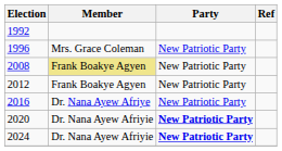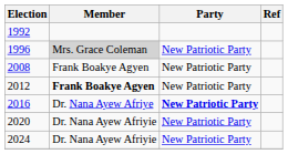 <table class="wikitable">
 <tr>
 <th>Election</th>
 <th>Member</th>
 <th>Party</th>
 <th>Ref</th>
 </tr>
 <tr>
 <td><a href='#'>1992</a></td>
 <td></td>
 <td></td>
 <td></td>
 </tr>
 <tr>
 <td><a href='#'>1996</a></td>
-<td>Mrs. Grace Coleman</td>
+<td style="background: lightgrey;">Mrs. Grace Coleman</td>
 <td><a href='#'>New Patriotic Party</a></td>
 <td></td>
 </tr>
 <tr>
 <td><a href='#'>2008</a></td>
-<td style="background: khaki;">Frank Boakye Agyen</td>
+<td>Frank Boakye Agyen</td>
 <td>New Patriotic Party</td>
 <td></td>
 </tr>
 <tr>
 <td>2012</td>
-<td>Frank Boakye Agyen</td>
+<td><strong>Frank Boakye Agyen</strong></td>
 <td>New Patriotic Party</td>
 <td></td>
 </tr>
 <tr>
 <td><a href='#'>2016</a></td>
 <td>Dr. <a href='#'>Nana Ayew Afriye</a></td>
-<td><a href='#'>New Patriotic Party</a></td>
+<td><strong><a href='#'>New Patriotic Party</a></strong></td>
 <td></td>
 </tr>
 <tr>
 <td>2020</td>
 <td>Dr. Nana Ayew Afriyie</td>
-<td><strong><a href='#'>New Patriotic Party</a></strong></td>
+<td><a href='#'>New Patriotic Party</a></td>
 <td></td>
 </tr>
 <tr>
 <td>2024</td>
 <td>Dr. Nana Ayew Afriyie</td>
-<td><strong><a href='#'>New Patriotic Party</a></strong></td>
+<td><a href='#'>New Patriotic Party</a></td>
 <td></td>
 </tr>
 <tr>
 </tr>
 </table>
